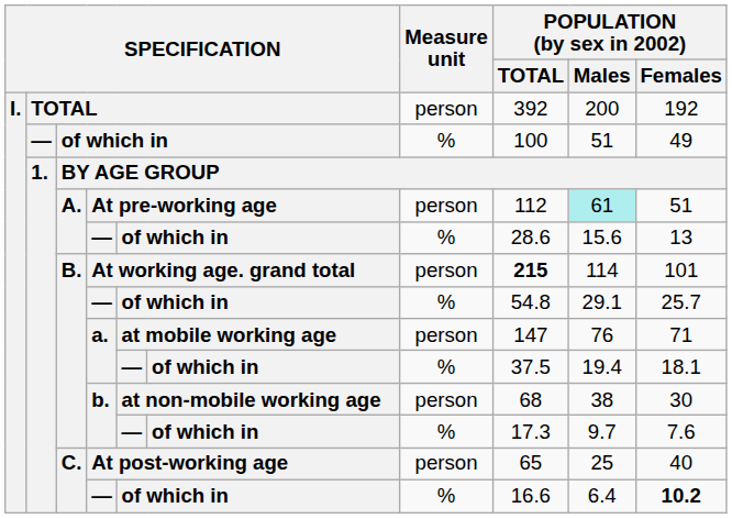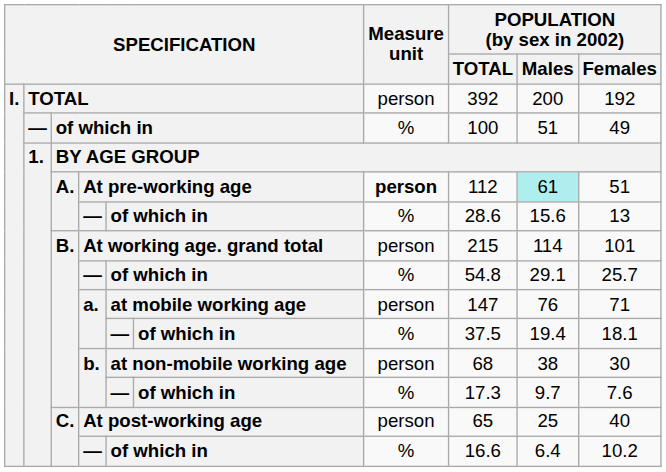 <table class="wikitable" style="font-size:85%; text-align:center">
 <tr>
 <th rowspan="2" colspan="6">SPECIFICATION</th>
 <th rowspan="2">Measure<br> unit</th>
 <th colspan="3" rowspan="1">POPULATION<br> (by sex in 2002)</th>
 </tr>
 <tr>
 <th>TOTAL</th>
 <th>Males</th>
 <th>Females</th>
 </tr>
 <tr>
 <th style="text-align:left" valign="top" rowspan="13">I.</th>
 <th style="text-align:left" colspan="5">TOTAL</th>
 <td>person</td>
 <td>392</td>
 <td>200</td>
 <td>192</td>
 </tr>
 <tr>
 <th style="text-align:left" valign="top">—</th>
 <th style="text-align:left" colspan="4">of which in</th>
 <td>%</td>
 <td>100</td>
 <td>51</td>
 <td>49</td>
 </tr>
 <tr>
 <th style="text-align:left" valign="top" rowspan="11">1.</th>
 <th style="text-align:left" colspan="19">BY AGE GROUP</th>
 </tr>
 <tr>
 <th style="text-align:left" valign="top" rowspan="2">A.</th>
 <th style="text-align:left" colspan="3">At pre-working age</th>
-<td>person</td>
+<td><strong>person</strong></td>
 <td>112</td>
 <td style="background: paleturquoise;">61</td>
 <td>51</td>
 </tr>
 <tr>
 <th style="text-align:left" valign="top">—</th>
 <th style="text-align:left" valign="top" colspan="2">of which in</th>
 <td>%</td>
 <td>28.6</td>
 <td>15.6</td>
 <td>13</td>
 </tr>
 <tr>
 <th style="text-align:left" valign="top" rowspan="6">B.</th>
 <th style="text-align:left" colspan="3">At working age. grand total</th>
 <td>person</td>
-<td><strong>215</strong></td>
+<td>215</td>
 <td>114</td>
 <td>101</td>
 </tr>
 <tr>
 <th style="text-align:left" valign="top">—</th>
 <th style="text-align:left" valign="top" colspan="2">of which in</th>
 <td>%</td>
 <td>54.8</td>
 <td>29.1</td>
 <td>25.7</td>
 </tr>
 <tr>
 <th style="text-align:left" valign="top" rowspan="2">a.</th>
 <th style="text-align:left" colspan="2">at mobile working age</th>
 <td>person</td>
 <td>147</td>
 <td>76</td>
 <td>71</td>
 </tr>
 <tr>
 <th style="text-align:left" valign="top">—</th>
 <th style="text-align:left" valign="top" colspan="1">of which in                        </th>
 <td>%</td>
 <td>37.5</td>
 <td>19.4</td>
 <td>18.1</td>
 </tr>
 <tr>
 <th style="text-align:left" valign="top" rowspan="2">b.</th>
 <th style="text-align:left" colspan="2">at non-mobile working age</th>
 <td>person</td>
 <td>68</td>
 <td>38</td>
 <td>30</td>
 </tr>
 <tr>
 <th style="text-align:left" valign="top">—</th>
 <th style="text-align:left" valign="top" colspan="1">of which in                        </th>
 <td>%</td>
 <td>17.3</td>
 <td>9.7</td>
 <td>7.6</td>
 </tr>
 <tr>
 <th style="text-align:left" valign="top" rowspan="2">C.</th>
 <th style="text-align:left" colspan="3">At post-working age</th>
 <td>person</td>
 <td>65</td>
 <td>25</td>
 <td>40</td>
 </tr>
 <tr>
 <th style="text-align:left" valign="top">—</th>
 <th style="text-align:left" valign="top" colspan="2">of which in</th>
 <td>%</td>
 <td>16.6</td>
 <td>6.4</td>
-<td><strong>10.2</strong></td>
+<td>10.2</td>
 </tr>
 </table>
